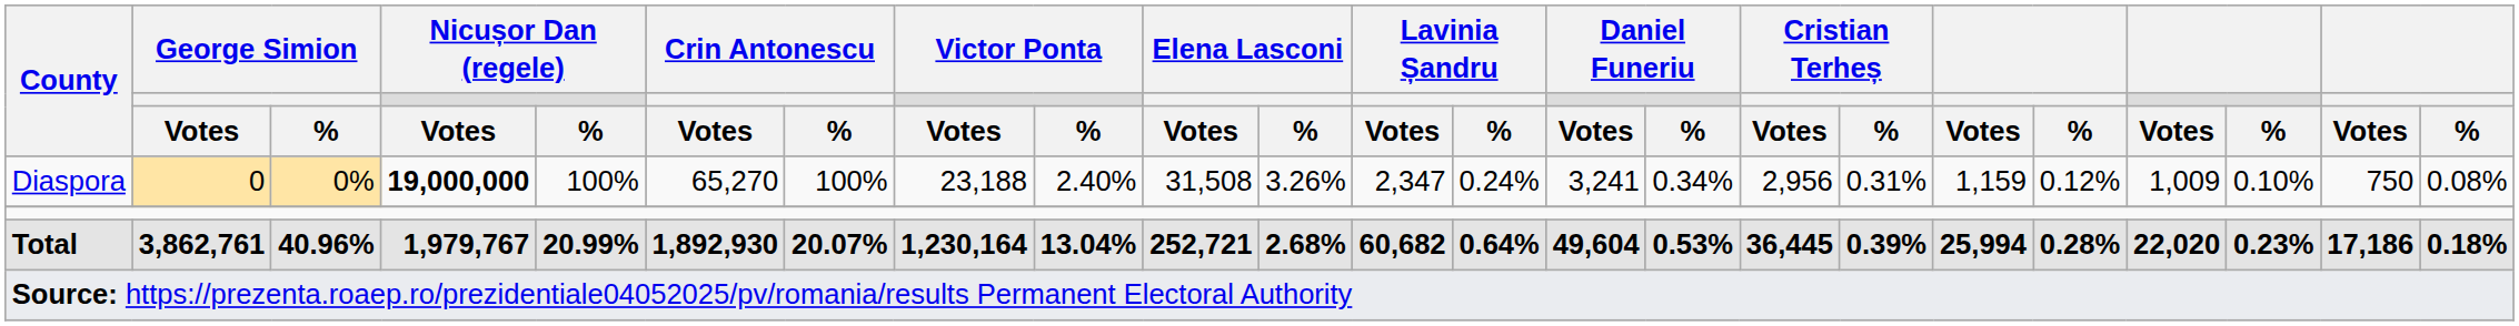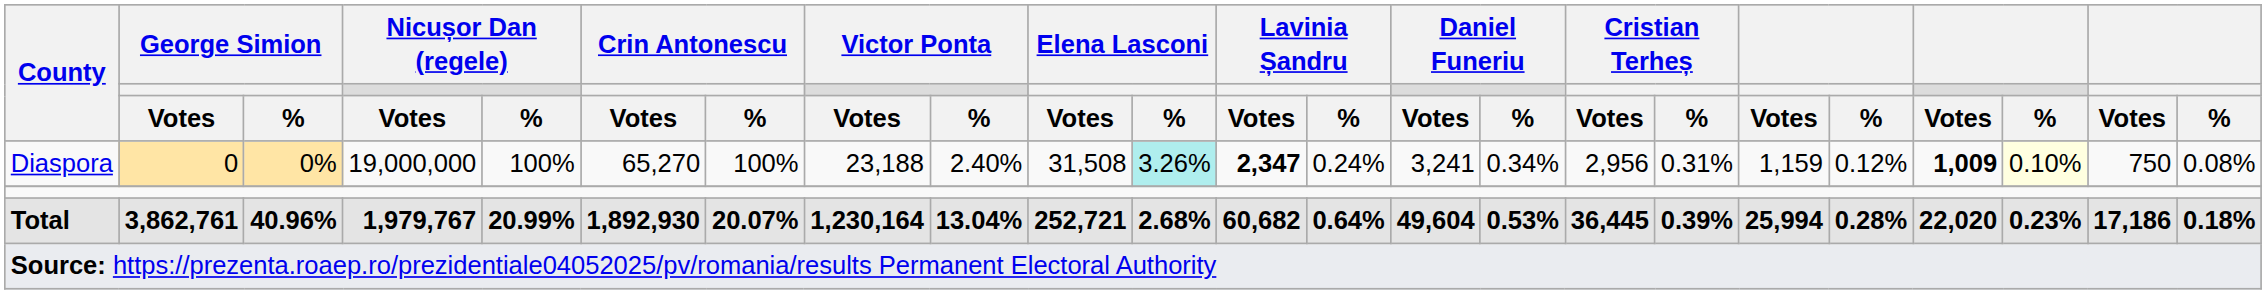 <table class="wikitable nowrap sortable mw-datatable" style="text-align:right; font-size:95%; line-height:20px">
 <tr>
 <th width="200" rowspan="3"><a href='#'>County</a></th>
 <th width="110" colspan="2"><a href='#'>George Simion</a></th>
 <th width="110" colspan="2"><a href='#'>Nicușor Dan (regele)</a></th>
 <th width="110" colspan="2"><a href='#'>Crin Antonescu</a></th>
 <th width="110" colspan="2"><a href='#'>Victor Ponta</a></th>
 <th width="110" colspan="2"><a href='#'>Elena Lasconi</a></th>
 <th width="110" colspan="2"><a href='#'>Lavinia Șandru</a></th>
 <th width="110" colspan="2"><a href='#'>Daniel Funeriu</a></th>
 <th width="110" colspan="2"><a href='#'>Cristian Terheș</a></th>
 <th width="110" colspan="2"></th>
 <th width="110" colspan="2"></th>
 <th width="110" colspan="2"></th>
 </tr>
 <tr>
 <th colspan="2" style="background:"></th>
 <th colspan="2" style="background:#DCDCDC;"></th>
 <th colspan="2" style="background:"></th>
 <th colspan="2" style="background:#DCDCDC;"></th>
 <th colspan="2" style="background:"></th>
 <th colspan="2" style="background:"></th>
 <th colspan="2" style="background:#DCDCDC;"></th>
 <th colspan="2" style="background:"></th>
 <th colspan="2" style="background:"></th>
 <th colspan="2" style="background:#DCDCDC;"></th>
 <th colspan="2" style="background:"></th>
 </tr>
 <tr>
 <th>Votes</th>
 <th>%</th>
 <th>Votes</th>
 <th>%</th>
 <th>Votes</th>
 <th>%</th>
 <th>Votes</th>
 <th>%</th>
 <th>Votes</th>
 <th>%</th>
 <th>Votes</th>
 <th>%</th>
 <th>Votes</th>
 <th>%</th>
 <th>Votes</th>
 <th>%</th>
 <th>Votes</th>
 <th>%</th>
 <th>Votes</th>
 <th>%</th>
 <th>Votes</th>
 <th>%</th>
 </tr>
 <tr>
 <td align="left"><a href='#'>Diaspora</a></td>
 <td style="background:#ffe5a5">0</td>
 <td style="background:#ffe5a5">0%</td>
-<td><strong>19,000,000</strong></td>
+<td>19,000,000</td>
 <td>100%</td>
 <td>65,270</td>
 <td>100%</td>
 <td>23,188</td>
 <td>2.40%</td>
 <td>31,508</td>
-<td>3.26%</td>
-<td>2,347</td>
+<td style="background: paleturquoise;">3.26%</td>
+<td><strong>2,347</strong></td>
 <td>0.24%</td>
 <td>3,241</td>
 <td>0.34%</td>
 <td>2,956</td>
 <td>0.31%</td>
 <td>1,159</td>
 <td>0.12%</td>
-<td>1,009</td>
-<td>0.10%</td>
+<td><strong>1,009</strong></td>
+<td style="background: lightyellow;">0.10%</td>
 <td>750</td>
 <td>0.08%</td>
 </tr>
 <tr>
 </tr>
 <tr class="sortbottom">
 <td colspan="23"></td>
 </tr>
 <tr class="sortbottom" style="font-weight:bold; background:#E4E4E4;">
 <td align="left">Total</td>
 <td>3,862,761</td>
 <td>40.96%</td>
 <td>1,979,767</td>
 <td>20.99%</td>
 <td>1,892,930</td>
 <td>20.07%</td>
 <td>1,230,164</td>
 <td>13.04%</td>
 <td>252,721</td>
 <td>2.68%</td>
 <td>60,682</td>
 <td>0.64%</td>
 <td>49,604</td>
 <td>0.53%</td>
 <td>36,445</td>
 <td>0.39%</td>
 <td>25,994</td>
 <td>0.28%</td>
 <td>22,020</td>
 <td>0.23%</td>
 <td>17,186</td>
 <td>0.18%</td>
 </tr>
 <tr class="sortbottom">
 <td colspan="23" style="text-align:left; background-color:#eaecf0"><strong>Source:</strong> <a href='#'>https://prezenta.roaep.ro/prezidentiale04052025/pv/romania/results Permanent Electoral Authority</a></td>
 </tr>
 </table>
